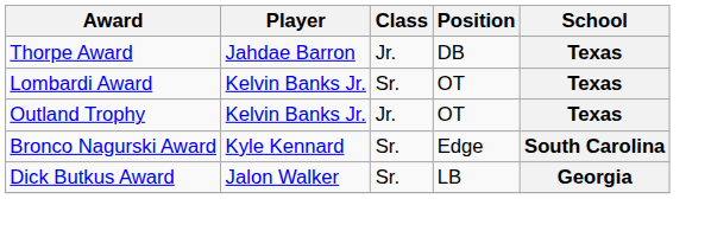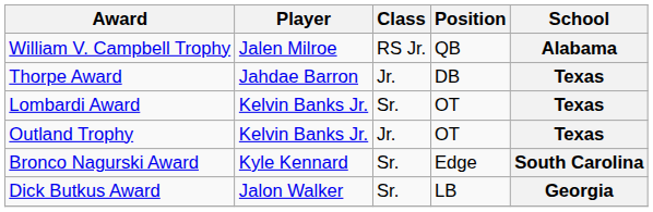 <table class="wikitable" border="0">
 <tr>
 <th>Award</th>
 <th>Player</th>
 <th>Class</th>
 <th>Position</th>
 <th>School</th>
+</tr>
+<tr>
+<td><a href='#'>William V. Campbell Trophy</a></td>
+<td><a href='#'>Jalen Milroe</a></td>
+<td>RS Jr.</td>
+<td>QB</td>
+<th>Alabama</th>
 </tr>
 <tr>
 <td><a href='#'>Thorpe Award</a></td>
 <td><a href='#'>Jahdae Barron</a></td>
 <td>Jr.</td>
 <td>DB</td>
 <th>Texas</th>
 </tr>
 <tr>
 <td><a href='#'>Lombardi Award</a></td>
 <td><a href='#'>Kelvin Banks Jr.</a></td>
 <td>Sr.</td>
 <td>OT</td>
 <th>Texas</th>
 </tr>
 <tr>
 <td><a href='#'>Outland Trophy</a></td>
 <td><a href='#'>Kelvin Banks Jr.</a></td>
 <td>Jr.</td>
 <td>OT</td>
 <th>Texas</th>
 </tr>
 <tr>
 <td><a href='#'>Bronco Nagurski Award</a></td>
 <td><a href='#'>Kyle Kennard</a></td>
 <td>Sr.</td>
 <td>Edge</td>
 <th>South Carolina</th>
 </tr>
 <tr>
 <td><a href='#'>Dick Butkus Award</a></td>
 <td><a href='#'>Jalon Walker</a></td>
 <td>Sr.</td>
 <td>LB</td>
 <th>Georgia</th>
 </tr>
 <tr>
 </tr>
 </table>
